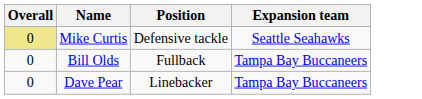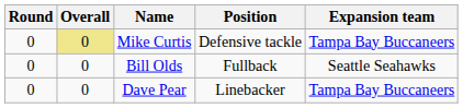 <table class="wikitable" style="text-align:center">
 <tr>
+<th>Round</th>
 <th>Overall</th>
 <th>Name</th>
 <th>Position</th>
 <th>Expansion team</th>
 </tr>
 <tr>
+<td>0</td>
 <td style="background: khaki;">0</td>
 <td><a href='#'>Mike Curtis</a></td>
 <td>Defensive tackle</td>
-<td><a href='#'>Seattle Seahawks</a></td>
+<td><a href='#'>Tampa Bay Buccaneers</a></td>
 </tr>
 <tr>
 <td>0</td>
+<td>0</td>
 <td><a href='#'>Bill Olds</a></td>
 <td>Fullback</td>
-<td><a href='#'>Tampa Bay Buccaneers</a></td>
+<td>Seattle Seahawks</td>
 </tr>
 <tr>
+<td>0</td>
 <td>0</td>
 <td><a href='#'>Dave Pear</a></td>
 <td>Linebacker</td>
 <td><a href='#'>Tampa Bay Buccaneers</a></td>
 </tr>
 </table>
